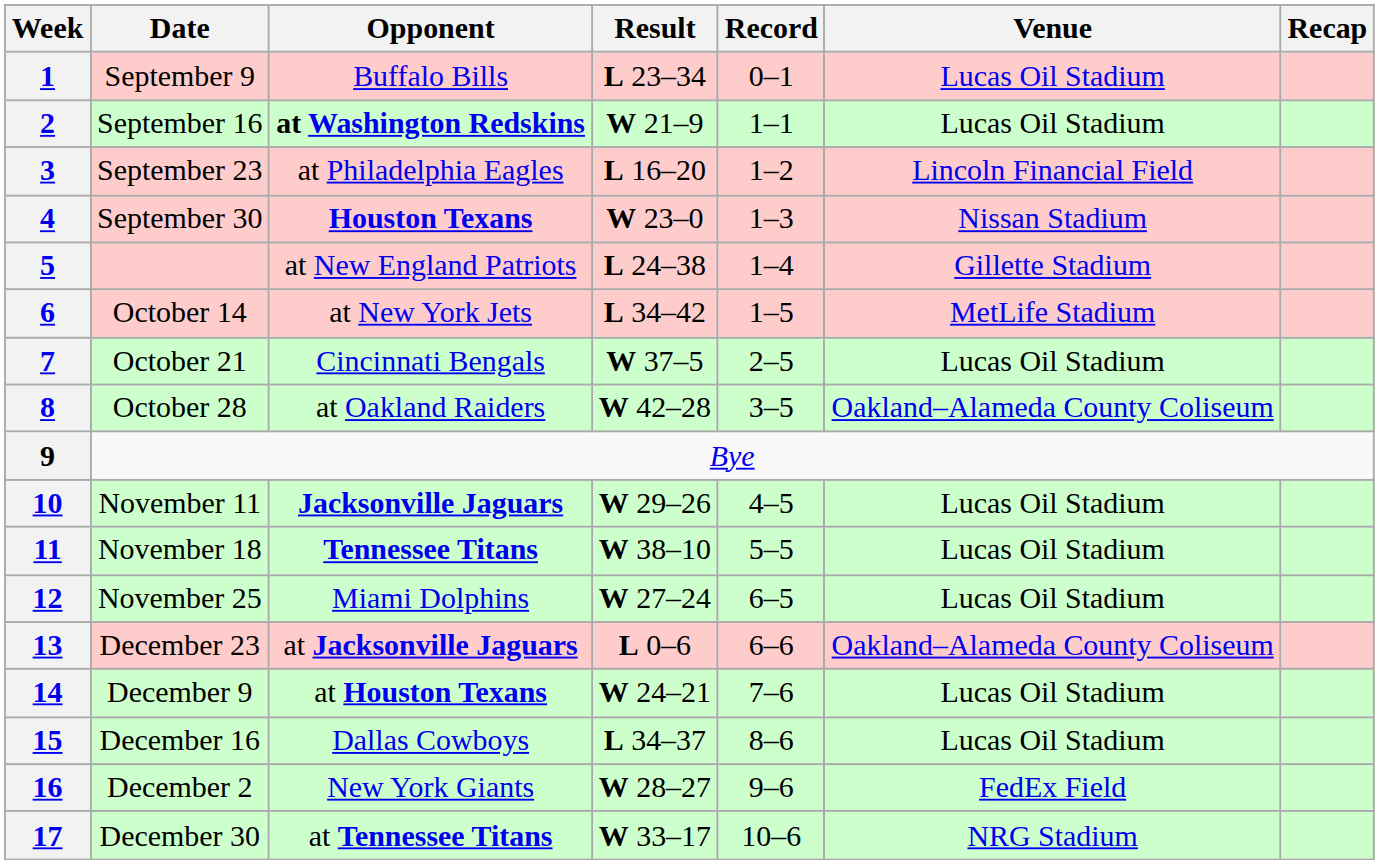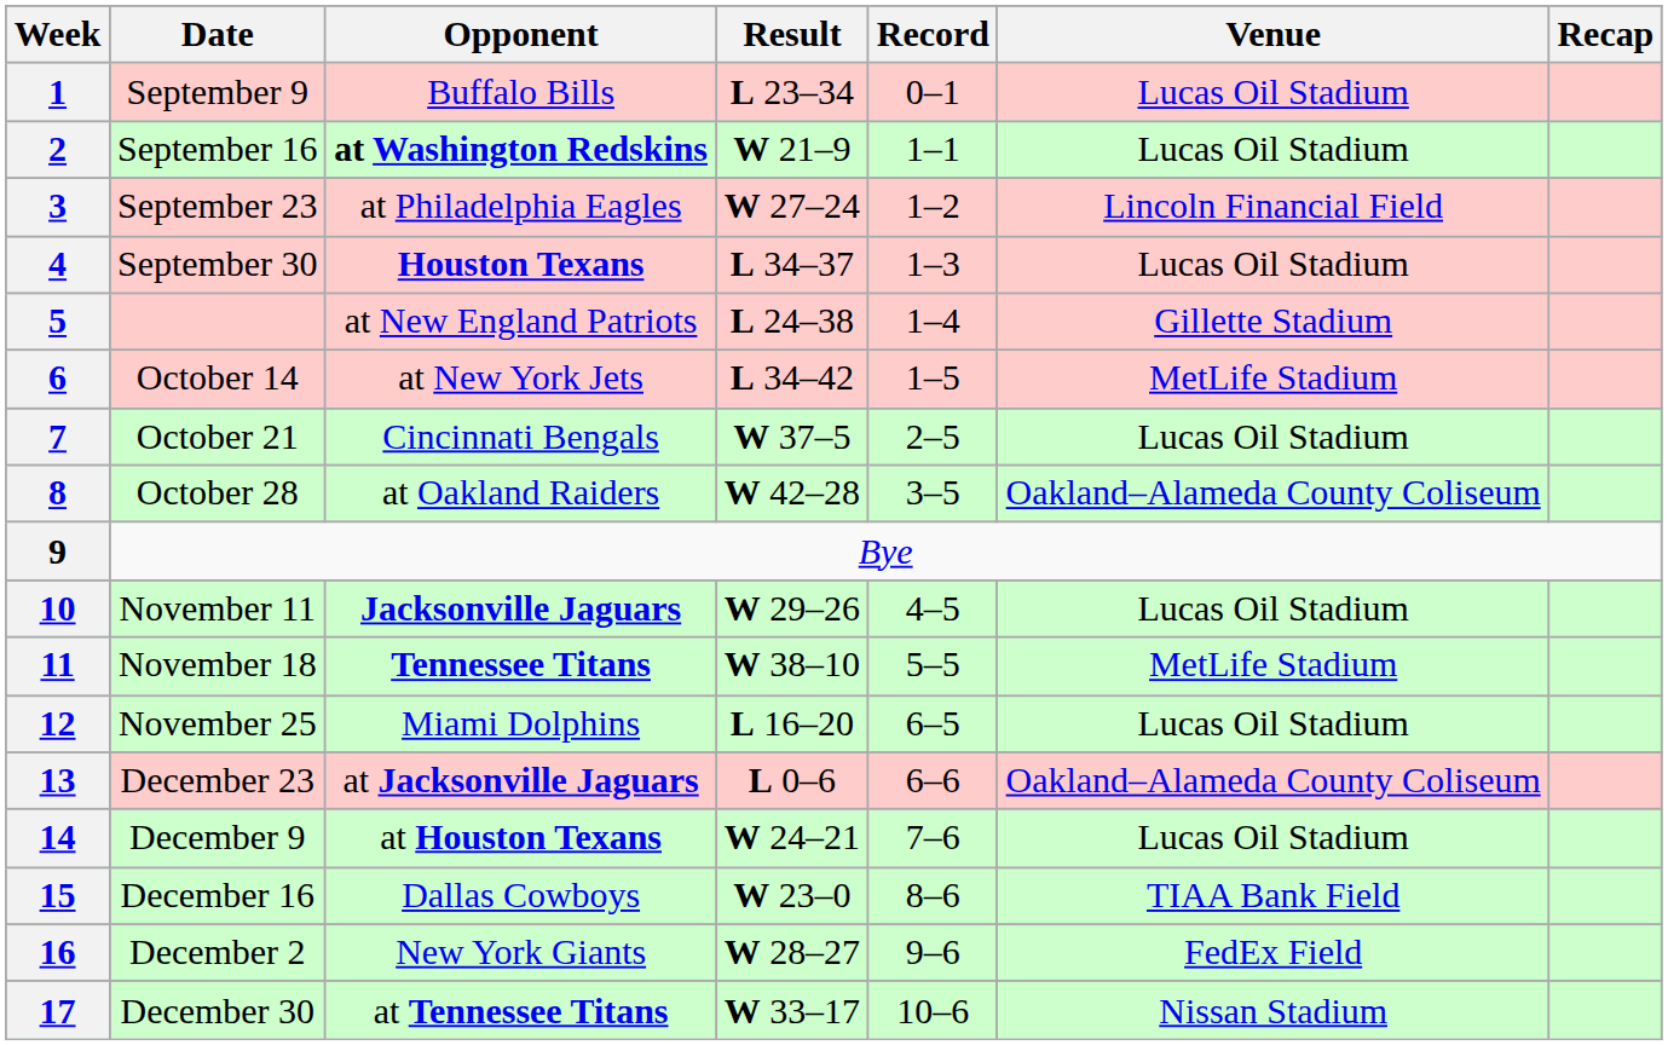 <table class="wikitable" style="text-align:center">
 <tr>
 <th>Week</th>
 <th>Date</th>
 <th>Opponent</th>
 <th>Result</th>
 <th>Record</th>
 <th>Venue</th>
 <th>Recap</th>
 </tr>
 <tr style="background:#fcc">
 <th><a href='#'>1</a></th>
 <td>September 9</td>
 <td><a href='#'>Buffalo Bills</a></td>
 <td><strong>L</strong> 23–34</td>
 <td>0–1</td>
 <td><a href='#'>Lucas Oil Stadium</a></td>
 <td></td>
 </tr>
 <tr style="background:#cfc">
 <th><a href='#'>2</a></th>
 <td>September 16</td>
 <td><strong>at <a href='#'>Washington Redskins</a></strong></td>
 <td><strong>W</strong> 21–9</td>
 <td>1–1</td>
 <td>Lucas Oil Stadium</td>
 <td></td>
 </tr>
 <tr style="background:#fcc">
 <th><a href='#'>3</a></th>
 <td>September 23</td>
 <td>at <a href='#'>Philadelphia Eagles</a></td>
-<td><strong>L</strong> 16–20</td>
+<td><strong>W</strong> 27–24</td>
 <td>1–2</td>
 <td><a href='#'>Lincoln Financial Field</a></td>
 <td></td>
 </tr>
 <tr style="background:#fcc">
 <th><a href='#'>4</a></th>
 <td>September 30</td>
 <td><strong><a href='#'>Houston Texans</a></strong></td>
-<td><strong>W</strong> 23–0</td>
+<td><strong>L</strong> 34–37 </td>
 <td>1–3</td>
-<td><a href='#'>Nissan Stadium</a></td>
+<td>Lucas Oil Stadium</td>
 <td></td>
 </tr>
 <tr style="background:#fcc">
 <th><a href='#'>5</a></th>
 <td></td>
 <td>at <a href='#'>New England Patriots</a></td>
 <td><strong>L</strong> 24–38</td>
 <td>1–4</td>
 <td><a href='#'>Gillette Stadium</a></td>
 <td></td>
 </tr>
 <tr style="background:#fcc">
 <th><a href='#'>6</a></th>
 <td>October 14</td>
 <td>at <a href='#'>New York Jets</a></td>
 <td><strong>L</strong> 34–42</td>
 <td>1–5</td>
 <td><a href='#'>MetLife Stadium</a></td>
 <td></td>
 </tr>
 <tr style="background:#cfc">
 <th><a href='#'>7</a></th>
 <td>October 21</td>
 <td><a href='#'>Cincinnati Bengals</a></td>
 <td><strong>W</strong> 37–5</td>
 <td>2–5</td>
 <td>Lucas Oil Stadium</td>
 <td></td>
 </tr>
 <tr style="background:#cfc">
 <th><a href='#'>8</a></th>
 <td>October 28</td>
 <td>at <a href='#'>Oakland Raiders</a></td>
 <td><strong>W</strong> 42–28</td>
 <td>3–5</td>
 <td><a href='#'>Oakland–Alameda County Coliseum</a></td>
 <td></td>
 </tr>
 <tr>
 <th>9</th>
 <td colspan="6"><em><a href='#'>Bye</a></em></td>
 </tr>
 <tr style="background:#cfc">
 <th><a href='#'>10</a></th>
 <td>November 11</td>
 <td><strong><a href='#'>Jacksonville Jaguars</a></strong></td>
 <td><strong>W</strong> 29–26</td>
 <td>4–5</td>
 <td>Lucas Oil Stadium</td>
 <td></td>
 </tr>
 <tr style="background:#cfc">
 <th><a href='#'>11</a></th>
 <td>November 18</td>
 <td><strong><a href='#'>Tennessee Titans</a></strong></td>
 <td><strong>W</strong> 38–10</td>
 <td>5–5</td>
-<td>Lucas Oil Stadium</td>
+<td><a href='#'>MetLife Stadium</a></td>
 <td></td>
 </tr>
 <tr style="background:#cfc">
 <th><a href='#'>12</a></th>
 <td>November 25</td>
 <td><a href='#'>Miami Dolphins</a></td>
-<td><strong>W</strong> 27–24</td>
+<td><strong>L</strong> 16–20</td>
 <td>6–5</td>
 <td>Lucas Oil Stadium</td>
 <td></td>
 </tr>
 <tr style="background:#fcc">
 <th><a href='#'>13</a></th>
 <td>December 23</td>
 <td>at <strong><a href='#'>Jacksonville Jaguars</a></strong></td>
 <td><strong>L</strong> 0–6</td>
 <td>6–6</td>
 <td><a href='#'>Oakland–Alameda County Coliseum</a></td>
 <td></td>
 </tr>
 <tr style="background:#cfc">
 <th><a href='#'>14</a></th>
 <td>December 9</td>
 <td>at <strong><a href='#'>Houston Texans</a></strong></td>
 <td><strong>W</strong> 24–21</td>
 <td>7–6</td>
 <td>Lucas Oil Stadium</td>
 <td></td>
 </tr>
 <tr style="background:#cfc">
 <th><a href='#'>15</a></th>
 <td>December 16</td>
 <td><a href='#'>Dallas Cowboys</a></td>
-<td><strong>L</strong> 34–37 </td>
+<td><strong>W</strong> 23–0</td>
 <td>8–6</td>
-<td>Lucas Oil Stadium</td>
+<td><a href='#'>TIAA Bank Field</a></td>
 <td></td>
 </tr>
 <tr style="background:#cfc">
 <th><a href='#'>16</a></th>
 <td>December 2</td>
 <td><a href='#'>New York Giants</a></td>
 <td><strong>W</strong> 28–27</td>
 <td>9–6</td>
 <td><a href='#'>FedEx Field</a></td>
 <td></td>
 </tr>
 <tr style="background:#cfc">
 <th><a href='#'>17</a></th>
 <td>December 30</td>
 <td>at <strong><a href='#'>Tennessee Titans</a></strong></td>
 <td><strong>W</strong> 33–17</td>
 <td>10–6</td>
-<td><a href='#'>NRG Stadium</a></td>
+<td><a href='#'>Nissan Stadium</a></td>
 <td></td>
 </tr>
 </table>
